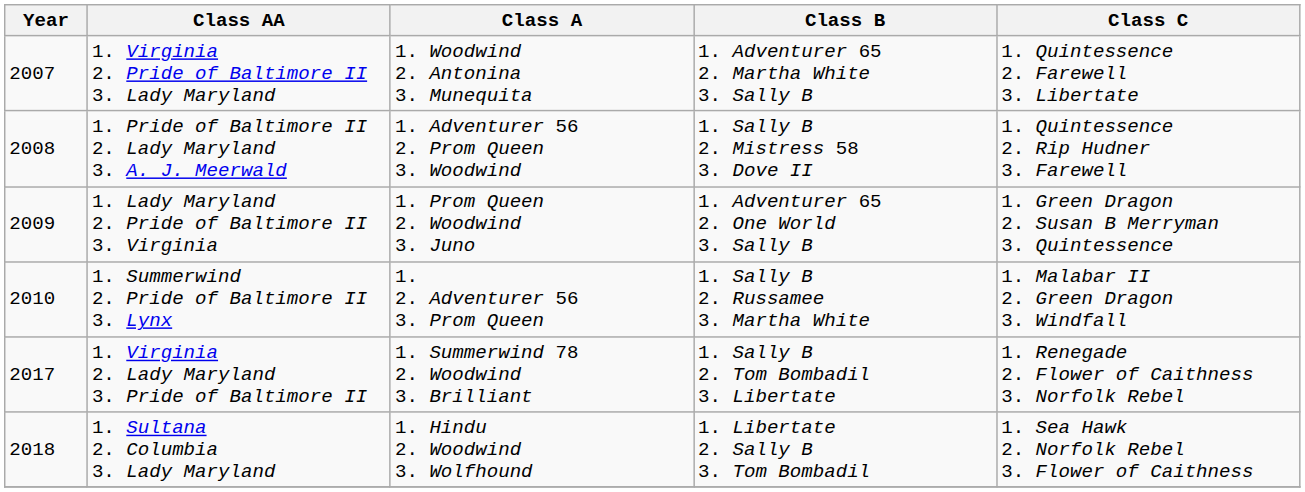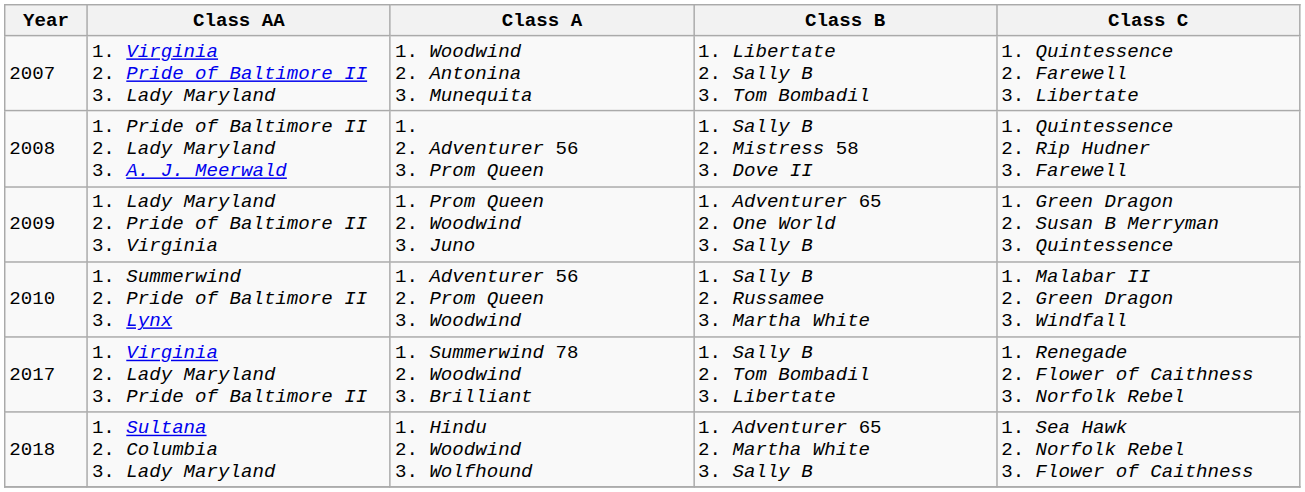 <table class="wikitable">
 <tr>
 <th scope="col" width="50">Year</th>
 <th scope="col" width="200">Class AA</th>
 <th scope="col" width="200">Class A</th>
 <th scope="col" width="200">Class B</th>
 <th scope="col" width="200">Class C</th>
 </tr>
 <tr>
 <td>2007</td>
 <td>1. <em><a href='#'>Virginia</a></em><br>2. <em><a href='#'>Pride of Baltimore II</a></em><br>3. <em>Lady Maryland</em></td>
 <td>1. <em>Woodwind</em><br>2. <em>Antonina</em><br>3. <em>Munequita</em></td>
-<td>1. <em>Adventurer</em> 65<br>2. <em>Martha White</em><br>3. <em>Sally B</em></td>
+<td>1. <em>Libertate</em><br>2. <em>Sally B</em><br>3. <em>Tom Bombadil</em></td>
 <td>1. <em>Quintessence</em><br>2. <em>Farewell</em><br>3. <em>Libertate</em></td>
 </tr>
 <tr>
 <td>2008</td>
 <td>1. <em>Pride of Baltimore II</em><br>2. <em>Lady Maryland</em><br>3. <em><a href='#'>A. J. Meerwald</a></em></td>
-<td>1. <em>Adventurer</em> 56<br>2. <em>Prom Queen</em><br>3. <em>Woodwind</em></td>
+<td>1. <em></em><br>2. <em>Adventurer</em> 56<br>3. <em>Prom Queen</em></td>
 <td>1. <em>Sally B</em><br>2. <em>Mistress</em> 58<br>3. <em>Dove II</em></td>
 <td>1. <em>Quintessence</em><br>2. <em>Rip Hudner</em><br>3. <em>Farewell</em></td>
 </tr>
 <tr>
 <td>2009</td>
 <td>1. <em>Lady Maryland</em><br>2. <em>Pride of Baltimore II</em><br>3. <em>Virginia</em></td>
 <td>1. <em>Prom Queen</em><br>2. <em>Woodwind</em><br>3. <em>Juno</em></td>
 <td>1. <em>Adventurer</em> 65<br>2. <em>One World</em><br>3. <em>Sally B</em></td>
 <td>1. <em>Green Dragon</em><br>2. <em>Susan B Merryman</em><br>3. <em>Quintessence</em></td>
 </tr>
 <tr>
 <td>2010</td>
 <td>1. <em>Summerwind</em><br>2. <em>Pride of Baltimore II</em><br>3. <em><a href='#'>Lynx</a></em></td>
-<td>1. <em></em><br>2. <em>Adventurer</em> 56<br>3. <em>Prom Queen</em></td>
+<td>1. <em>Adventurer</em> 56<br>2. <em>Prom Queen</em><br>3. <em>Woodwind</em></td>
 <td>1. <em>Sally B</em><br>2. <em>Russamee</em><br>3. <em>Martha White</em></td>
 <td>1. <em>Malabar II</em><br>2. <em>Green Dragon</em><br>3. <em>Windfall</em></td>
 </tr>
 <tr>
 <td>2017</td>
 <td>1. <em><a href='#'>Virginia</a></em><br>2. <em>Lady Maryland</em> <br>3. <em>Pride of Baltimore II</em><br></td>
 <td>1. <em>Summerwind</em> 78<br>2. <em>Woodwind</em><br>3. <em>Brilliant</em></td>
 <td>1. <em>Sally B</em><br>2. <em>Tom Bombadil</em><br>3. <em>Libertate</em></td>
 <td>1. <em>Renegade</em><br>2. <em>Flower of Caithness</em><br>3. <em>Norfolk Rebel</em></td>
 </tr>
 <tr>
 <td>2018</td>
 <td>1. <em><a href='#'>Sultana</a></em><br>2. <em>Columbia</em> <br>3. <em>Lady Maryland</em><br></td>
 <td>1. <em>Hindu</em> <br>2. <em>Woodwind</em><br>3. <em>Wolfhound</em></td>
-<td>1. <em>Libertate</em><br>2. <em>Sally B</em><br>3. <em>Tom Bombadil</em></td>
+<td>1. <em>Adventurer</em> 65<br>2. <em>Martha White</em><br>3. <em>Sally B</em></td>
 <td>1. <em>Sea Hawk</em><br>2. <em>Norfolk Rebel</em><br>3. <em>Flower of Caithness</em></td>
 </tr>
 <tr>
 </tr>
 </table>
